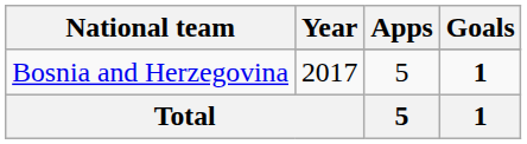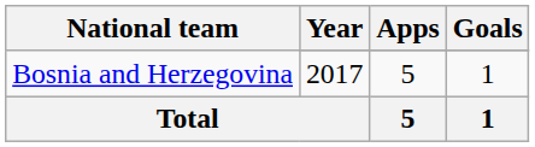 <table class="wikitable" style="text-align:center">
 <tr>
 <th>National team</th>
 <th>Year</th>
 <th>Apps</th>
 <th>Goals</th>
 </tr>
 <tr>
 <td rowspan=2><a href='#'>Bosnia and Herzegovina</a></td>
 </tr>
 <tr>
 <td>2017</td>
 <td>5</td>
-<td><strong>1</strong></td>
+<td>1</td>
 </tr>
 <tr>
 <th colspan=2>Total</th>
 <th>5</th>
 <th>1</th>
 </tr>
 </table>
